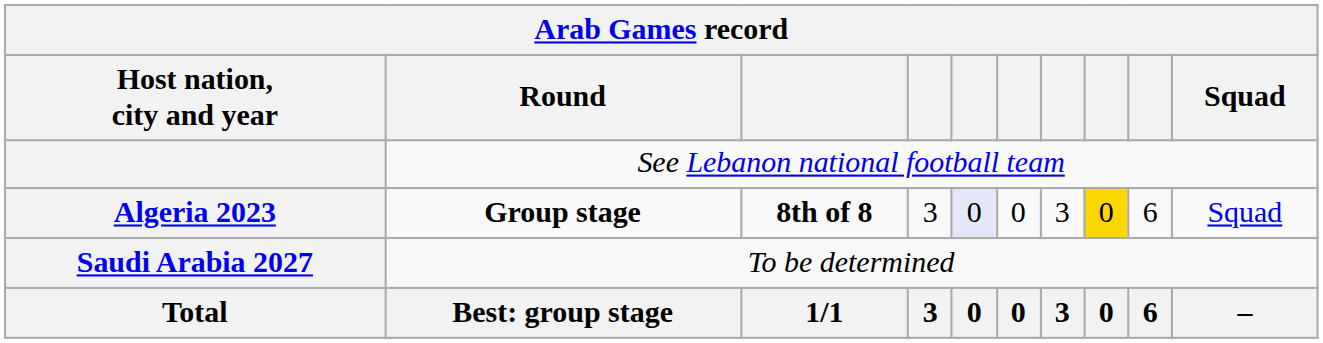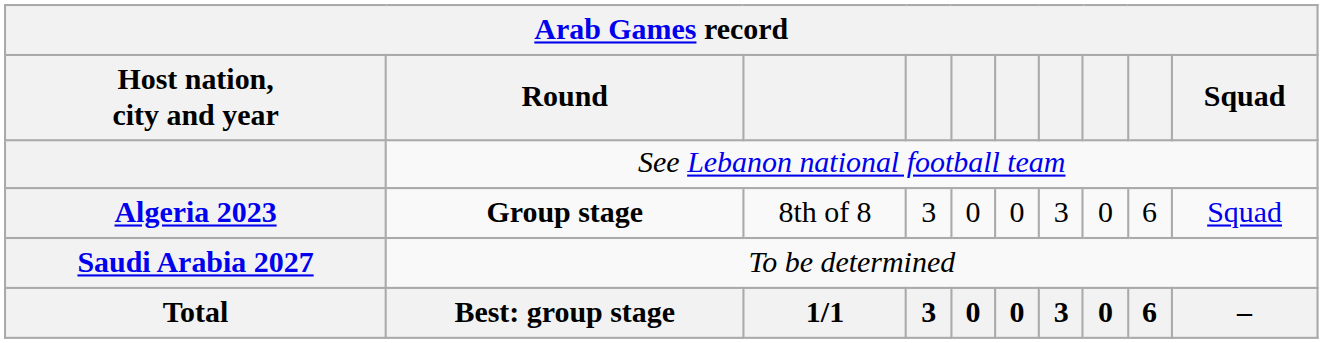 <table class="wikitable plainrowheaders" style="min-width:50%; font-size:90%; text-align:center;">
 <tr>
 <th colspan=10 style="width:80px;"><a href='#'>Arab Games</a> record</th>
 </tr>
 <tr>
 <th scope="col">Host nation,<br>city and year</th>
 <th scope="col">Round</th>
 <th scope="col"></th>
 <th scope="col"></th>
 <th scope="col"></th>
 <th scope="col"></th>
 <th scope="col"></th>
 <th scope="col"></th>
 <th scope="col"></th>
 <th scope="col">Squad</th>
 </tr>
 <tr>
 <th scope="row"></th>
 <td colspan="9"><em>See <a href='#'>Lebanon national football team</a></em></td>
 </tr>
 <tr>
 <th scope="row"> <a href='#'>Algeria 2023</a></th>
 <td><strong>Group stage</strong></td>
-<td><strong>8th of 8</strong></td>
+<td>8th of 8</td>
 <td>3</td>
-<td style="background: lavender;">0</td>
+<td>0</td>
 <td>0</td>
 <td>3</td>
-<td style="background: gold;">0</td>
+<td>0</td>
 <td>6</td>
 <td><a href='#'>Squad</a></td>
 </tr>
 <tr>
 <th scope="row"> <a href='#'>Saudi Arabia 2027</a></th>
 <td colspan="9"><em>To be determined</em></td>
 </tr>
 <tr>
 <th>Total</th>
 <th>Best: group stage</th>
 <th>1/1</th>
 <th>3</th>
 <th>0</th>
 <th>0</th>
 <th>3</th>
 <th>0</th>
 <th>6</th>
 <th>–</th>
 </tr>
 </table>
